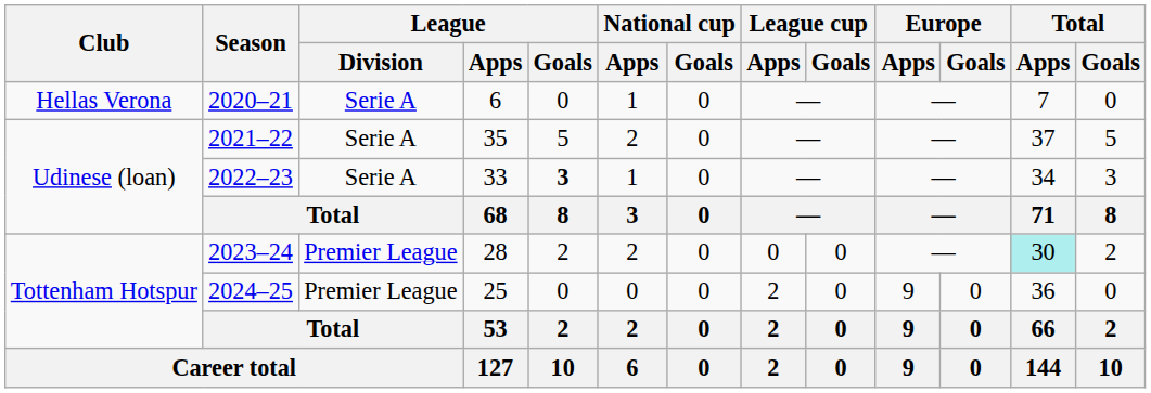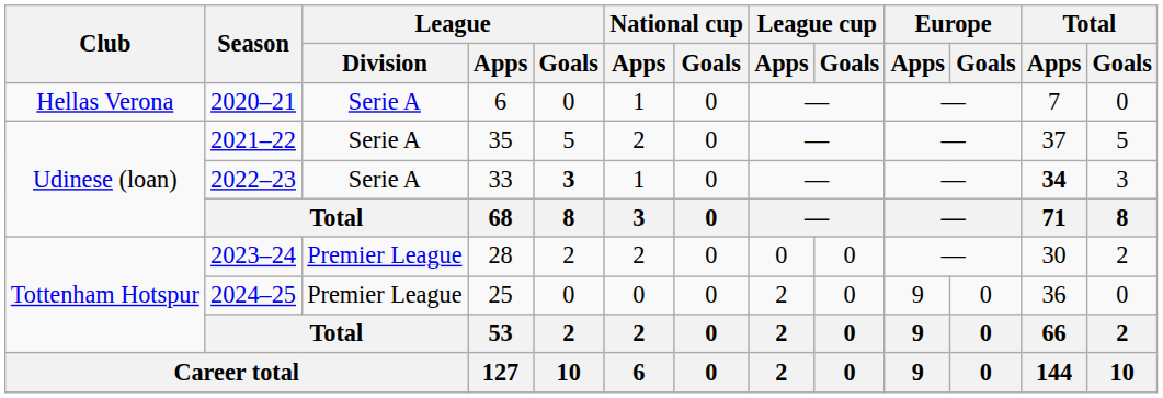 <table class="wikitable" style="text-align:center">
 <tr>
 <th rowspan="2">Club</th>
 <th rowspan="2">Season</th>
 <th colspan="3">League</th>
 <th colspan="2">National cup</th>
 <th colspan="2">League cup</th>
 <th colspan="2">Europe</th>
 <th colspan="2">Total</th>
 </tr>
 <tr>
 <th>Division</th>
 <th>Apps</th>
 <th>Goals</th>
 <th>Apps</th>
 <th>Goals</th>
 <th>Apps</th>
 <th>Goals</th>
 <th>Apps</th>
 <th>Goals</th>
 <th>Apps</th>
 <th>Goals</th>
 </tr>
 <tr>
 <td><a href='#'>Hellas Verona</a></td>
 <td><a href='#'>2020–21</a></td>
 <td><a href='#'>Serie A</a></td>
 <td>6</td>
 <td>0</td>
 <td>1</td>
 <td>0</td>
 <td colspan="2">—</td>
 <td colspan="2">—</td>
 <td>7</td>
 <td>0</td>
 </tr>
 <tr>
 <td rowspan="3"><a href='#'>Udinese</a> (loan)</td>
 <td><a href='#'>2021–22</a></td>
 <td>Serie A</td>
 <td>35</td>
 <td>5</td>
 <td>2</td>
 <td>0</td>
 <td colspan="2">—</td>
 <td colspan="2">—</td>
 <td>37</td>
 <td>5</td>
 </tr>
 <tr>
 <td><a href='#'>2022–23</a></td>
 <td>Serie A</td>
 <td>33</td>
 <td><strong>3</strong></td>
 <td>1</td>
 <td>0</td>
 <td colspan="2">—</td>
 <td colspan="2">—</td>
-<td>34</td>
+<td><strong>34</strong></td>
 <td>3</td>
 </tr>
 <tr>
 <th colspan="2">Total</th>
 <th>68</th>
 <th>8</th>
 <th>3</th>
 <th>0</th>
 <th colspan="2">—</th>
 <th colspan="2">—</th>
 <th>71</th>
 <th>8</th>
 </tr>
 <tr>
 <td rowspan="3"><a href='#'>Tottenham Hotspur</a></td>
 <td><a href='#'>2023–24</a></td>
 <td><a href='#'>Premier League</a></td>
 <td>28</td>
 <td>2</td>
 <td>2</td>
 <td>0</td>
 <td>0</td>
 <td>0</td>
 <td colspan="2">—</td>
-<td style="background: paleturquoise;">30</td>
+<td>30</td>
 <td>2</td>
 </tr>
 <tr>
 <td><a href='#'>2024–25</a></td>
 <td>Premier League</td>
 <td>25</td>
 <td>0</td>
 <td>0</td>
 <td>0</td>
 <td>2</td>
 <td>0</td>
 <td>9</td>
 <td>0</td>
 <td>36</td>
 <td>0</td>
 </tr>
 <tr>
 <th colspan="2">Total</th>
 <th>53</th>
 <th>2</th>
 <th>2</th>
 <th>0</th>
 <th>2</th>
 <th>0</th>
 <th>9</th>
 <th>0</th>
 <th>66</th>
 <th>2</th>
 </tr>
 <tr>
 <th colspan="3">Career total</th>
 <th>127</th>
 <th>10</th>
 <th>6</th>
 <th>0</th>
 <th>2</th>
 <th>0</th>
 <th>9</th>
 <th>0</th>
 <th>144</th>
 <th>10</th>
 </tr>
 </table>
